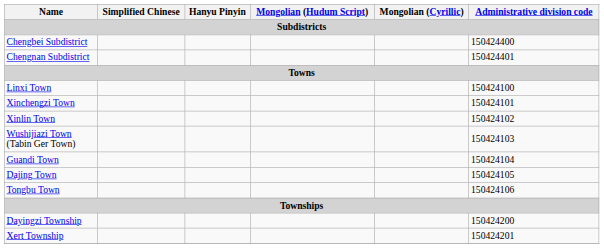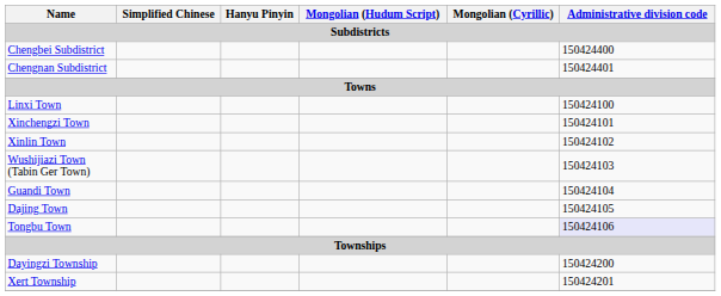 <table class="wikitable" align="center" style="width:50%; border="1">
 <tr>
 <th>Name</th>
 <th>Simplified Chinese</th>
 <th>Hanyu Pinyin</th>
 <th><a href='#'>Mongolian</a> (<a href='#'>Hudum Script</a>)</th>
 <th>Mongolian (<a href='#'>Cyrillic</a>)</th>
 <th><a href='#'>Administrative division code</a></th>
 </tr>
 <tr>
 <td colspan="6"  style="text-align:center; background:#d3d3d3;"><strong>Subdistricts</strong></td>
 </tr>
 <tr --------->
 <td><a href='#'>Chengbei Subdistrict</a></td>
 <td></td>
 <td></td>
 <td></td>
 <td></td>
 <td>150424400</td>
 </tr>
 <tr>
 <td><a href='#'>Chengnan Subdistrict</a></td>
 <td></td>
 <td></td>
 <td></td>
 <td></td>
 <td>150424401</td>
 </tr>
 <tr>
 <td colspan="6"  style="text-align:center; background:#d3d3d3;"><strong>Towns</strong></td>
 </tr>
 <tr --------->
 <td><a href='#'>Linxi Town</a></td>
 <td></td>
 <td></td>
 <td></td>
 <td></td>
 <td>150424100</td>
 </tr>
 <tr>
 <td><a href='#'>Xinchengzi Town</a></td>
 <td></td>
 <td></td>
 <td></td>
 <td></td>
 <td>150424101</td>
 </tr>
 <tr>
 <td><a href='#'>Xinlin Town</a></td>
 <td></td>
 <td></td>
 <td></td>
 <td></td>
 <td>150424102</td>
 </tr>
 <tr>
 <td><a href='#'>Wushijiazi Town</a><br>(Tabin Ger Town)</td>
 <td></td>
 <td></td>
 <td></td>
 <td></td>
 <td>150424103</td>
 </tr>
 <tr>
 <td><a href='#'>Guandi Town</a></td>
 <td></td>
 <td></td>
 <td></td>
 <td></td>
 <td>150424104</td>
 </tr>
 <tr>
 <td><a href='#'>Dajing Town</a></td>
 <td></td>
 <td></td>
 <td></td>
 <td></td>
 <td>150424105</td>
 </tr>
 <tr>
 <td><a href='#'>Tongbu Town</a></td>
 <td></td>
 <td></td>
 <td></td>
 <td></td>
-<td>150424106</td>
+<td style="background: lavender;">150424106</td>
 </tr>
 <tr>
 <td colspan="6"  style="text-align:center; background:#d3d3d3;"><strong>Townships</strong></td>
 </tr>
 <tr --------->
 <td><a href='#'>Dayingzi Township</a></td>
 <td></td>
 <td></td>
 <td></td>
 <td></td>
 <td>150424200</td>
 </tr>
 <tr>
 <td><a href='#'>Xert Township</a></td>
 <td></td>
 <td></td>
 <td></td>
 <td></td>
 <td>150424201</td>
 </tr>
 <tr>
 </tr>
 </table>
